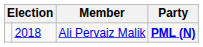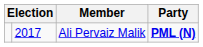 <table class="wikitable">
 <tr>
 <th colspan="2">Election</th>
 <th>Member</th>
 <th>Party</th>
 </tr>
 <tr>
 <td style="background-color: "></td>
-<td><a href='#'>2018</a></td>
+<td><a href='#'>2017</a></td>
 <td><a href='#'>Ali Pervaiz Malik</a></td>
 <td><strong><a href='#'>PML (N)</a></strong></td>
 </tr>
 </table>
